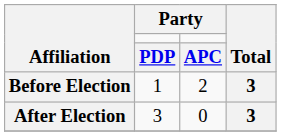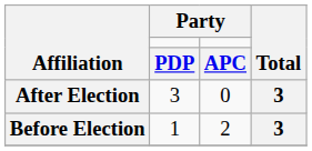 <table class=wikitable style="text-align:center">
 <tr style="vertical-align:bottom;">
 <th rowspan=3>Affiliation</th>
 <th colspan=2>Party</th>
 <th rowspan=3>Total</th>
 </tr>
 <tr>
 <td style="background-color:"></td>
 <td style="background-color:"></td>
 </tr>
 <tr>
 <th><a href='#'>PDP</a></th>
 <th><a href='#'>APC</a></th>
 </tr>
 <tr>
+<th>After Election</th>
+<td>3</td>
+<td>0</td>
+<th>3</th>
+</tr>
+<tr>
 <th>Before Election</th>
 <td>1</td>
 <td>2</td>
 <th>3</th>
 </tr>
 <tr>
-<th>After Election</th>
-<td>3</td>
-<td>0</td>
-<th>3</th>
-</tr>
-<tr>
 </tr>
 </table>
